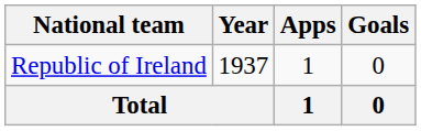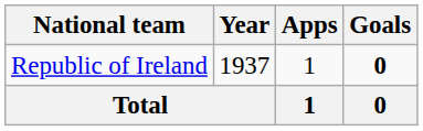 <table class=wikitable style=text-align:center>
 <tr>
 <th>National team</th>
 <th>Year</th>
 <th>Apps</th>
 <th>Goals</th>
 </tr>
 <tr>
 <td><a href='#'>Republic of Ireland</a></td>
 <td>1937</td>
 <td>1</td>
-<td>0</td>
+<td><strong>0</strong></td>
 </tr>
 <tr>
 <th colspan=2>Total</th>
 <th>1</th>
 <th>0</th>
 </tr>
 </table>
